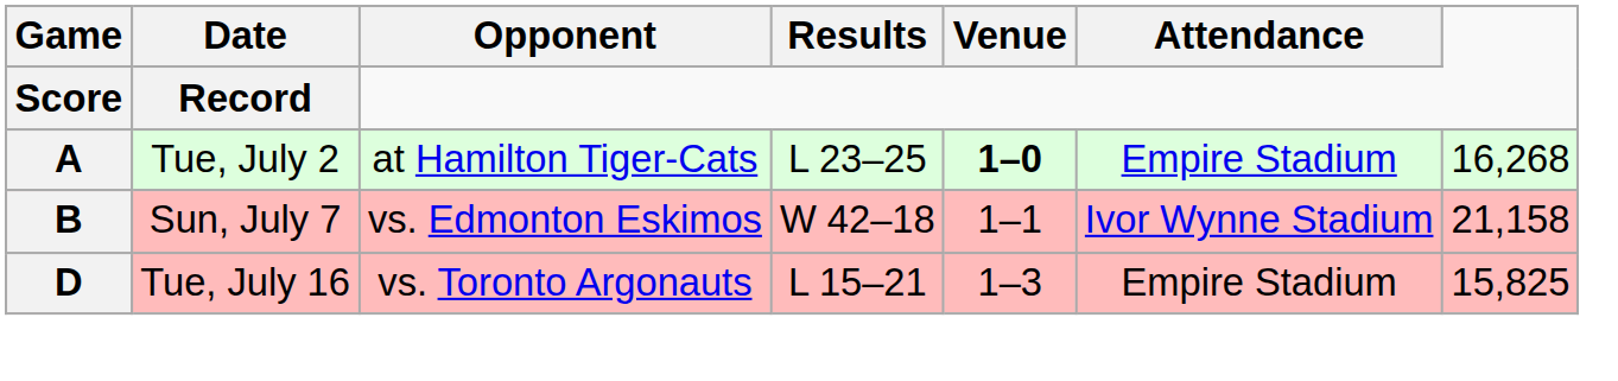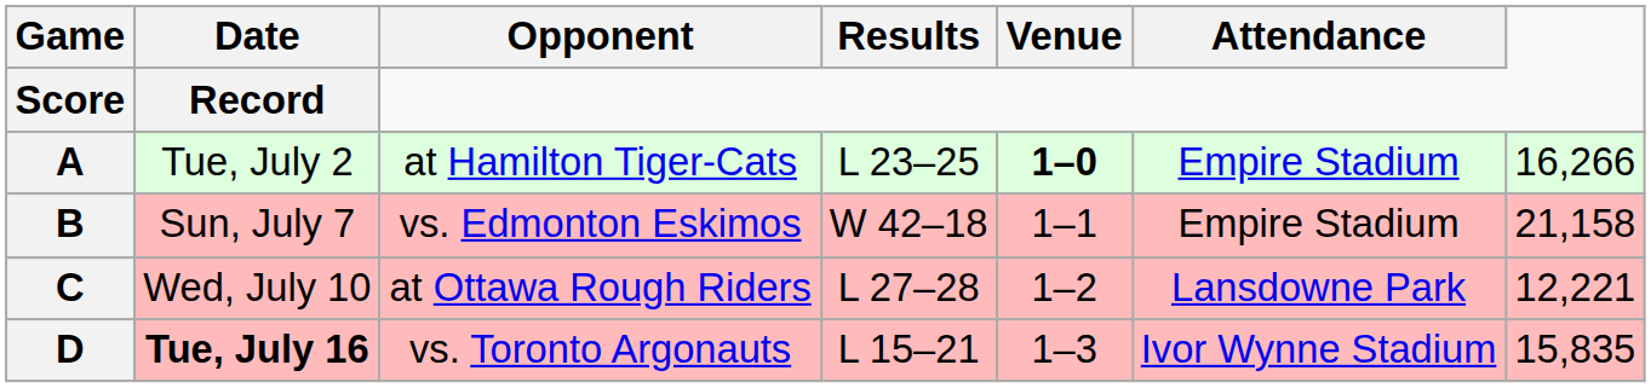 <table class="wikitable" style="text-align:center">
 <tr>
 <th>Game</th>
 <th>Date</th>
 <th>Opponent</th>
 <th>Results</th>
 <th>Venue</th>
 <th>Attendance</th>
 </tr>
 <tr>
 <th>Score</th>
 <th>Record</th>
 </tr>
 <tr style="background:#ddffdd">
 <th>A</th>
 <td>Tue, July 2</td>
 <td>at <a href='#'>Hamilton Tiger-Cats</a></td>
 <td>L 23–25</td>
 <td><strong>1–0</strong></td>
 <td><a href='#'>Empire Stadium</a></td>
-<td>16,268</td>
+<td>16,266</td>
 </tr>
 <tr style="background:#ffbbbb">
 <th>B</th>
 <td>Sun, July 7</td>
 <td>vs. <a href='#'>Edmonton Eskimos</a></td>
 <td>W 42–18</td>
 <td>1–1</td>
-<td><a href='#'>Ivor Wynne Stadium</a></td>
+<td>Empire Stadium</td>
 <td>21,158</td>
 </tr>
 <tr style="background:#ffbbbb">
+<th>C</th>
+<td>Wed, July 10</td>
+<td>at <a href='#'>Ottawa Rough Riders</a></td>
+<td>L 27–28</td>
+<td>1–2</td>
+<td><a href='#'>Lansdowne Park</a></td>
+<td>12,221</td>
+</tr>
+<tr style="background:#ffbbbb">
 <th>D</th>
-<td>Tue, July 16</td>
+<td><strong>Tue, July 16</strong></td>
 <td>vs. <a href='#'>Toronto Argonauts</a></td>
 <td>L 15–21</td>
 <td>1–3</td>
-<td>Empire Stadium</td>
-<td>15,825</td>
+<td><a href='#'>Ivor Wynne Stadium</a></td>
+<td>15,835</td>
 </tr>
 </table>
